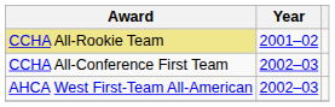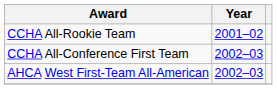 <table class="wikitable">
 <tr>
 <th>Award</th>
 <th>Year</th>
 <th></th>
 </tr>
 <tr>
-<td style="background: khaki;"><a href='#'>CCHA</a> All-Rookie Team</td>
+<td><a href='#'>CCHA</a> All-Rookie Team</td>
 <td><a href='#'>2001–02</a></td>
 <td></td>
 </tr>
 <tr>
 <td><a href='#'>CCHA</a> All-Conference First Team</td>
 <td><a href='#'>2002–03</a></td>
 <td></td>
 </tr>
 <tr>
 <td><a href='#'>AHCA</a> <a href='#'>West First-Team All-American</a></td>
 <td><a href='#'>2002–03</a></td>
 <td></td>
 </tr>
 <tr>
 </tr>
 </table>
